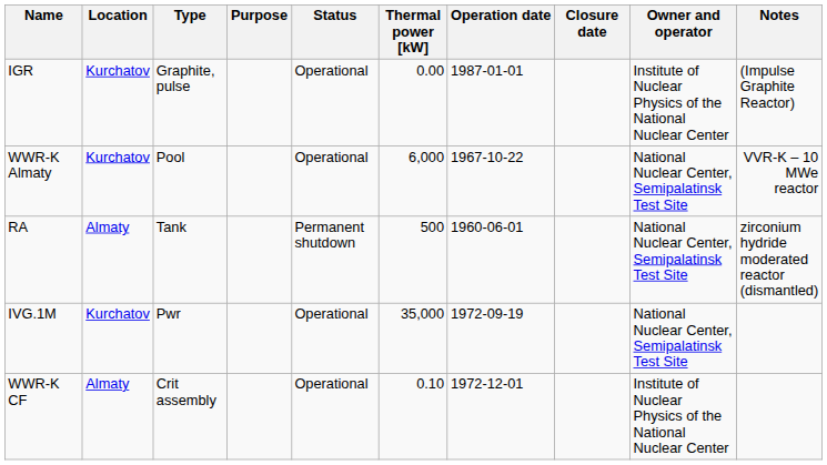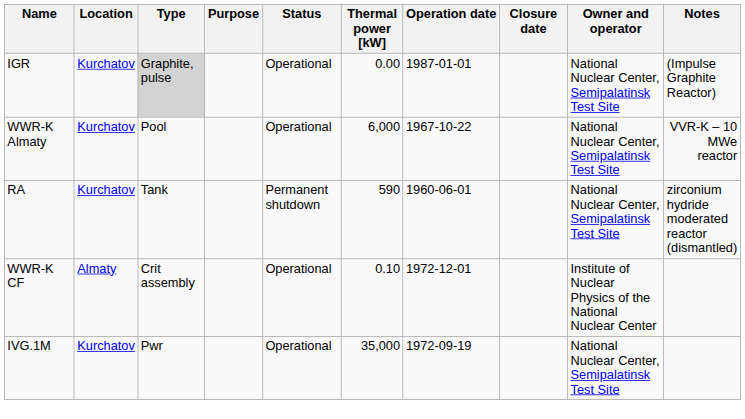 <table class="wikitable" >
 <tr valign="top">
 <th width="80">Name</th>
 <th width="65">Location</th>
 <th width="76">Type</th>
 <th width="65">Purpose</th>
 <th width="91">Status</th>
 <th width="70“">Thermal power [kW]</th>
 <th width=„67“>Operation date</th>
 <th width="78“">Closure date</th>
 <th width="113“">Owner and operator</th>
 <th width="65">Notes</th>
 </tr>
 <tr valign="top">
 <td>IGR</td>
 <td><a href='#'>Kurchatov</a></td>
-<td>Graphite, pulse</td>
+<td style="background: lightgrey;">Graphite, pulse</td>
 <td></td>
 <td>Operational</td>
 <td align="right">0.00</td>
 <td>1987-01-01</td>
 <td></td>
-<td>Institute of Nuclear Physics of the National Nuclear Center</td>
+<td>National Nuclear Center, <a href='#'>Semipalatinsk Test Site</a></td>
 <td>(Impulse Graphite Reactor)</td>
 </tr>
 <tr valign="top">
 <td>WWR-K Almaty</td>
 <td><a href='#'>Kurchatov</a></td>
 <td>Pool</td>
 <td></td>
 <td>Operational</td>
 <td align="right">6,000</td>
 <td>1967-10-22</td>
 <td></td>
 <td>National Nuclear Center, <a href='#'>Semipalatinsk Test Site</a></td>
 <td align="right">VVR-K – 10 MWe reactor</td>
 </tr>
 <tr valign="top">
 <td>RA</td>
-<td><a href='#'>Almaty</a></td>
+<td><a href='#'>Kurchatov</a></td>
 <td>Tank</td>
 <td></td>
 <td>Permanent shutdown</td>
-<td align="right">500</td>
+<td align="right">590</td>
 <td>1960-06-01</td>
 <td></td>
 <td>National Nuclear Center, <a href='#'>Semipalatinsk Test Site</a></td>
 <td>zirconium hydride moderated reactor (dismantled)</td>
+</tr>
+<tr valign="top">
+<td>WWR-K CF</td>
+<td><a href='#'>Almaty</a></td>
+<td>Crit assembly</td>
+<td></td>
+<td>Operational</td>
+<td align="right">0.10</td>
+<td>1972-12-01</td>
+<td></td>
+<td>Institute of Nuclear Physics of the National Nuclear Center</td>
+<td></td>
 </tr>
 <tr valign="top">
 <td>IVG.1M</td>
 <td><a href='#'>Kurchatov</a></td>
 <td>Pwr</td>
 <td></td>
 <td>Operational</td>
 <td align="right">35,000</td>
 <td>1972-09-19</td>
 <td></td>
 <td>National Nuclear Center, <a href='#'>Semipalatinsk Test Site</a></td>
 <td></td>
 </tr>
-<tr valign="top">
-<td>WWR-K CF</td>
-<td><a href='#'>Almaty</a></td>
-<td>Crit assembly</td>
-<td></td>
-<td>Operational</td>
-<td align="right">0.10</td>
-<td>1972-12-01</td>
-<td></td>
-<td>Institute of Nuclear Physics of the National Nuclear Center</td>
-<td></td>
-</tr>
 </table>
